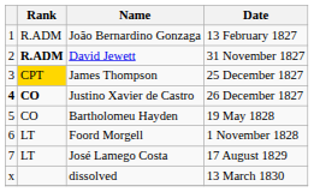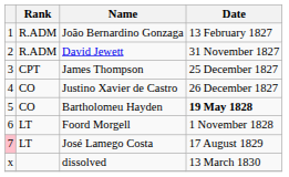 <table class=wikitable>
 <tr>
 <th></th>
 <th>Rank</th>
 <th>Name</th>
 <th>Date</th>
 </tr>
 <tr>
 <td>1</td>
 <td>R.ADM</td>
 <td>João Bernardino Gonzaga</td>
 <td>13 February 1827</td>
 </tr>
 <tr>
 <td>2</td>
-<td><strong>R.ADM</strong></td>
+<td>R.ADM</td>
 <td><a href='#'>David Jewett</a></td>
 <td>31 November 1827</td>
 </tr>
 <tr>
 <td>3</td>
-<td style="background: gold;">CPT</td>
+<td>CPT</td>
 <td>James Thompson</td>
 <td>25 December 1827</td>
 </tr>
 <tr>
-<td><strong>4</strong></td>
-<td><strong>CO</strong></td>
+<td>4</td>
+<td>CO</td>
 <td>Justino Xavier de Castro</td>
 <td>26 December 1827</td>
 </tr>
 <tr>
 <td>5</td>
 <td>CO</td>
 <td>Bartholomeu Hayden</td>
-<td>19 May 1828</td>
+<td><strong>19 May 1828</strong></td>
 </tr>
 <tr>
 <td>6</td>
 <td>LT</td>
 <td>Foord Morgell</td>
 <td>1 November 1828</td>
 </tr>
 <tr>
-<td>7</td>
+<td style="background: pink;">7</td>
 <td>LT</td>
 <td>José Lamego Costa</td>
 <td>17 August 1829</td>
 </tr>
 <tr>
 <td>x</td>
 <td></td>
 <td>dissolved</td>
 <td>13 March 1830</td>
 </tr>
 <tr>
 </tr>
 </table>
